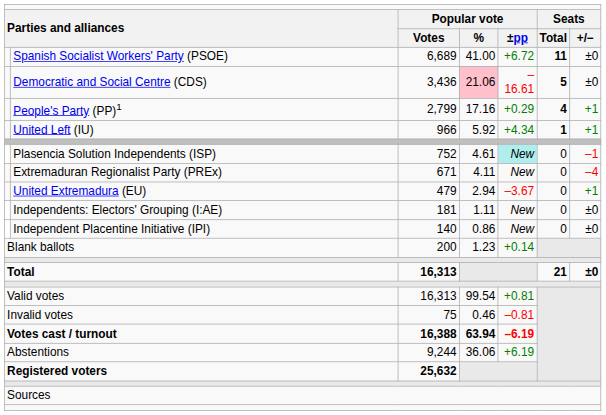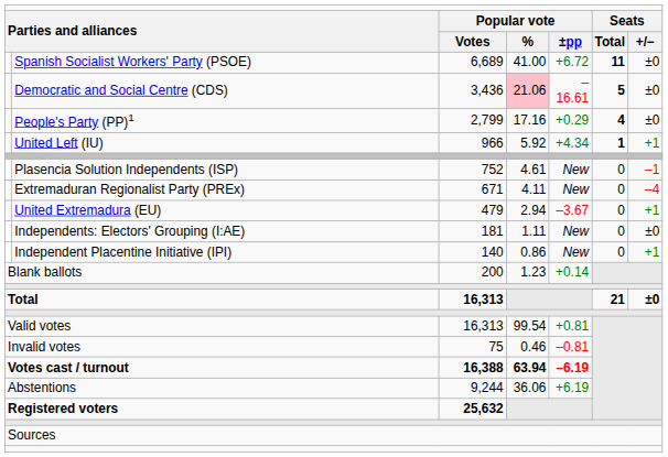 <table class="wikitable" style="text-align:right;">
 <tr>
 <td colspan="7"></td>
 </tr>
 <tr>
 <th style="text-align:left;" rowspan="2" colspan="2" width="525">Parties and alliances</th>
 <th colspan="3">Popular vote</th>
 <th colspan="2">Seats</th>
 </tr>
 <tr>
 <th width="75">Votes</th>
 <th width="45">%</th>
 <th width="45">±<a href='#'>pp</a></th>
 <th width="35">Total</th>
 <th width="35">+/−</th>
 </tr>
 <tr>
 <td width="1" style="color:inherit;background:"></td>
 <td align="left"><a href='#'>Spanish Socialist Workers' Party</a> (PSOE)</td>
 <td>6,689</td>
 <td>41.00</td>
 <td style="color:green;">+6.72</td>
 <td><strong>11</strong></td>
 <td>±0</td>
 </tr>
 <tr>
 <td style="color:inherit;background:"></td>
 <td align="left"><a href='#'>Democratic and Social Centre</a> (CDS)</td>
 <td>3,436</td>
 <td style="background: pink;">21.06</td>
 <td style="color:red;">–16.61</td>
 <td><strong>5</strong></td>
 <td>±0</td>
 </tr>
 <tr>
 <td style="color:inherit;background:"></td>
 <td align="left"><a href='#'>People's Party</a> (PP)<sup>1</sup></td>
 <td>2,799</td>
 <td>17.16</td>
 <td style="color:green;">+0.29</td>
 <td><strong>4</strong></td>
-<td style="color:green;">+1</td>
+<td>±0</td>
 </tr>
 <tr>
 <td style="color:inherit;background:"></td>
 <td align="left"><a href='#'>United Left</a> (IU)</td>
 <td>966</td>
 <td>5.92</td>
 <td style="color:green;">+4.34</td>
 <td><strong>1</strong></td>
 <td style="color:green;">+1</td>
 </tr>
 <tr>
 <td colspan="7" bgcolor="#C0C0C0"></td>
 </tr>
 <tr>
 <td bgcolor="white"></td>
 <td align="left">Plasencia Solution Independents (ISP)</td>
 <td>752</td>
 <td>4.61</td>
-<td style="background: paleturquoise;"><em>New</em></td>
+<td><em>New</em></td>
 <td>0</td>
 <td style="color:red;">–1</td>
 </tr>
 <tr>
 <td style="color:inherit;background:"></td>
 <td align="left">Extremaduran Regionalist Party (PREx)</td>
 <td>671</td>
 <td>4.11</td>
 <td><em>New</em></td>
 <td>0</td>
 <td style="color:red;">–4</td>
 </tr>
 <tr>
 <td style="color:inherit;background:"></td>
 <td align="left"><a href='#'>United Extremadura</a> (EU)</td>
 <td>479</td>
 <td>2.94</td>
 <td style="color:red;">–3.67</td>
 <td>0</td>
 <td style="color:green;">+1</td>
 </tr>
 <tr>
 <td bgcolor="white"></td>
 <td align="left">Independents: Electors' Grouping (I:AE)</td>
 <td>181</td>
 <td>1.11</td>
 <td><em>New</em></td>
 <td>0</td>
 <td>±0</td>
 </tr>
 <tr>
 <td bgcolor="white"></td>
 <td align="left">Independent Placentine Initiative (IPI)</td>
 <td>140</td>
 <td>0.86</td>
 <td><em>New</em></td>
 <td>0</td>
-<td>±0</td>
+<td style="color:green;">+1</td>
 </tr>
 <tr>
 <td align="left" colspan="2">Blank ballots</td>
 <td>200</td>
 <td>1.23</td>
 <td style="color:green;">+0.14</td>
 <td bgcolor="#E9E9E9" colspan="2"></td>
 </tr>
 <tr>
 <td colspan="7" bgcolor="#E9E9E9"></td>
 </tr>
 <tr style="font-weight:bold;">
 <td align="left" colspan="2">Total</td>
 <td>16,313</td>
 <td bgcolor="#E9E9E9" colspan="2"></td>
 <td>21</td>
 <td>±0</td>
 </tr>
 <tr>
 <td colspan="7" bgcolor="#E9E9E9"></td>
 </tr>
 <tr>
 <td align="left" colspan="2">Valid votes</td>
 <td>16,313</td>
 <td>99.54</td>
 <td style="color:green;">+0.81</td>
 <td bgcolor="#E9E9E9" colspan="2" rowspan="5"></td>
 </tr>
 <tr>
 <td align="left" colspan="2">Invalid votes</td>
 <td>75</td>
 <td>0.46</td>
 <td style="color:red;">–0.81</td>
 </tr>
 <tr style="font-weight:bold;">
 <td align="left" colspan="2">Votes cast / turnout</td>
 <td>16,388</td>
 <td>63.94</td>
 <td style="color:red;">–6.19</td>
 </tr>
 <tr>
 <td align="left" colspan="2">Abstentions</td>
 <td>9,244</td>
 <td>36.06</td>
 <td style="color:green;">+6.19</td>
 </tr>
 <tr style="font-weight:bold;">
 <td align="left" colspan="2">Registered voters</td>
 <td>25,632</td>
 <td bgcolor="#E9E9E9" colspan="2"></td>
 </tr>
 <tr>
 <td colspan="7" bgcolor="#E9E9E9"></td>
 </tr>
 <tr>
 <td align="left" colspan="7">Sources</td>
 </tr>
 <tr>
 <td colspan="7" style="text-align:left; max-width:790px;"></td>
 </tr>
 </table>
